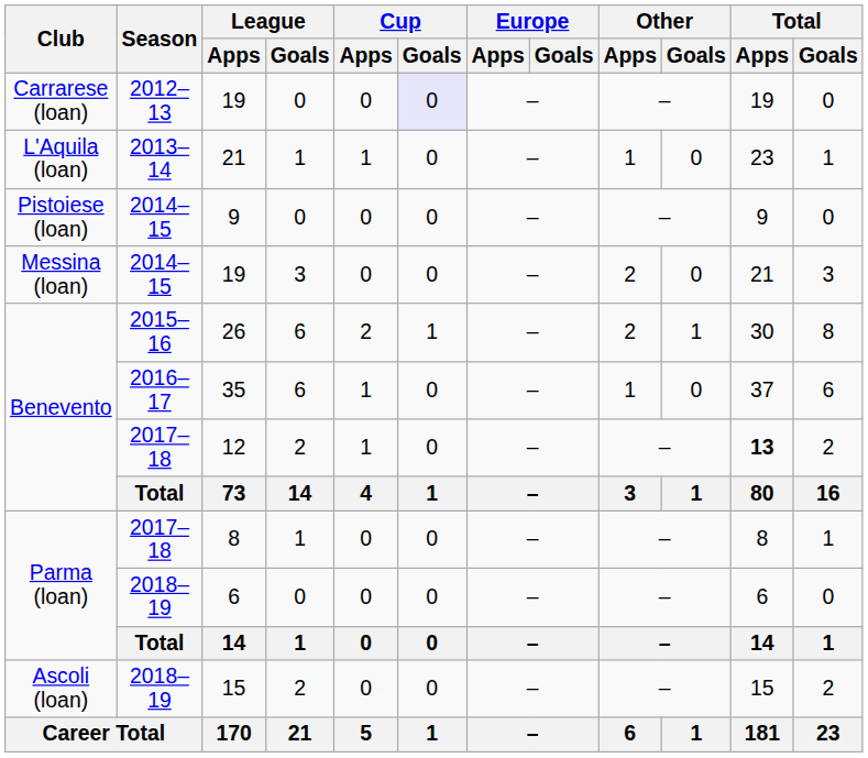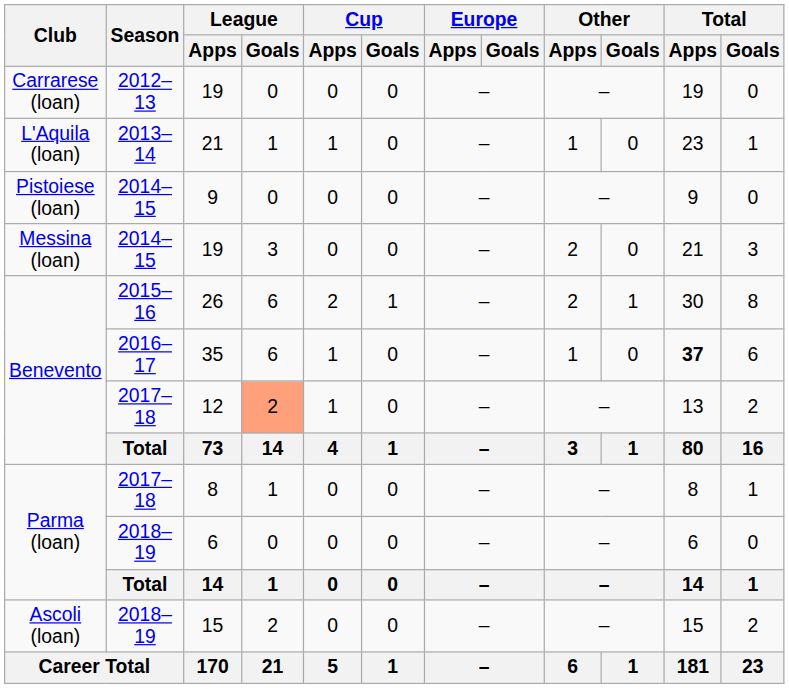 <table class="wikitable" style="text-align: center;">
 <tr>
 <th rowspan="2">Club</th>
 <th rowspan="2">Season</th>
 <th colspan="2">League</th>
 <th colspan="2"><a href='#'>Cup</a></th>
 <th colspan="2"><a href='#'>Europe</a></th>
 <th colspan="2">Other</th>
 <th colspan="2">Total</th>
 </tr>
 <tr>
 <th>Apps</th>
 <th>Goals</th>
 <th>Apps</th>
 <th>Goals</th>
 <th>Apps</th>
 <th>Goals</th>
 <th>Apps</th>
 <th>Goals</th>
 <th>Apps</th>
 <th>Goals</th>
 </tr>
 <tr>
 <td><a href='#'>Carrarese</a> (loan)</td>
 <td><a href='#'>2012–13</a></td>
 <td>19</td>
 <td>0</td>
 <td>0</td>
-<td style="background: lavender;">0</td>
+<td>0</td>
 <td colspan="2">–</td>
 <td colspan="2">–</td>
 <td>19</td>
 <td>0</td>
 </tr>
 <tr>
 <td><a href='#'>L'Aquila</a> (loan)</td>
 <td><a href='#'>2013–14</a></td>
 <td>21</td>
 <td>1</td>
 <td>1</td>
 <td>0</td>
 <td colspan="2">–</td>
 <td>1</td>
 <td>0</td>
 <td>23</td>
 <td>1</td>
 </tr>
 <tr>
 <td><a href='#'>Pistoiese</a> (loan)</td>
 <td><a href='#'>2014–15</a></td>
 <td>9</td>
 <td>0</td>
 <td>0</td>
 <td>0</td>
 <td colspan="2">–</td>
 <td colspan="2">–</td>
 <td>9</td>
 <td>0</td>
 </tr>
 <tr>
 <td><a href='#'>Messina</a> (loan)</td>
 <td><a href='#'>2014–15</a></td>
 <td>19</td>
 <td>3</td>
 <td>0</td>
 <td>0</td>
 <td colspan="2">–</td>
 <td>2</td>
 <td>0</td>
 <td>21</td>
 <td>3</td>
 </tr>
 <tr>
 <td rowspan="4"><a href='#'>Benevento</a></td>
 <td><a href='#'>2015–16</a></td>
 <td>26</td>
 <td>6</td>
 <td>2</td>
 <td>1</td>
 <td colspan="2">–</td>
 <td>2</td>
 <td>1</td>
 <td>30</td>
 <td>8</td>
 </tr>
 <tr>
 <td><a href='#'>2016–17</a></td>
 <td>35</td>
 <td>6</td>
 <td>1</td>
 <td>0</td>
 <td colspan="2">–</td>
 <td>1</td>
 <td>0</td>
-<td>37</td>
+<td><strong>37</strong></td>
 <td>6</td>
 </tr>
 <tr>
 <td><a href='#'>2017–18</a></td>
 <td>12</td>
-<td>2</td>
+<td style="background: lightsalmon;">2</td>
 <td>1</td>
 <td>0</td>
 <td colspan="2">–</td>
 <td colspan="2">–</td>
-<td><strong>13</strong></td>
+<td>13</td>
 <td>2</td>
 </tr>
 <tr>
 <th>Total</th>
 <th>73</th>
 <th>14</th>
 <th>4</th>
 <th>1</th>
 <th colspan="2">–</th>
 <th>3</th>
 <th>1</th>
 <th>80</th>
 <th>16</th>
 </tr>
 <tr>
 <td rowspan="3"><a href='#'>Parma</a> (loan)</td>
 <td><a href='#'>2017–18</a></td>
 <td>8</td>
 <td>1</td>
 <td>0</td>
 <td>0</td>
 <td colspan="2">–</td>
 <td colspan="2">–</td>
 <td>8</td>
 <td>1</td>
 </tr>
 <tr>
 <td><a href='#'>2018–19</a></td>
 <td>6</td>
 <td>0</td>
 <td>0</td>
 <td>0</td>
 <td colspan="2">–</td>
 <td colspan="2">–</td>
 <td>6</td>
 <td>0</td>
 </tr>
 <tr>
 <th>Total</th>
 <th>14</th>
 <th>1</th>
 <th>0</th>
 <th>0</th>
 <th colspan="2">–</th>
 <th colspan="2">–</th>
 <th>14</th>
 <th>1</th>
 </tr>
 <tr>
 <td><a href='#'>Ascoli</a> (loan)</td>
 <td><a href='#'>2018–19</a></td>
 <td>15</td>
 <td>2</td>
 <td>0</td>
 <td>0</td>
 <td colspan="2">–</td>
 <td colspan="2">–</td>
 <td>15</td>
 <td>2</td>
 </tr>
 <tr>
 <th colspan="2">Career Total</th>
 <th>170</th>
 <th>21</th>
 <th>5</th>
 <th>1</th>
 <th colspan="2">–</th>
 <th>6</th>
 <th>1</th>
 <th>181</th>
 <th>23</th>
 </tr>
 </table>
